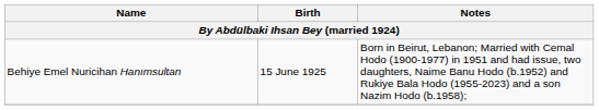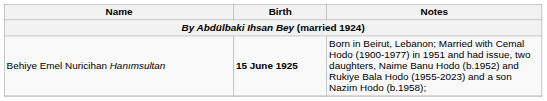 <table class="wikitable">
 <tr>
 <th>Name</th>
 <th>Birth</th>
 <th style="width:40%;">Notes</th>
 </tr>
 <tr>
 <th colspan="4"><strong><em>By Abdülbaki Ihsan Bey</em></strong> (married 1924)</th>
 </tr>
 <tr>
 <td>Behiye Emel Nuricihan <em>Hanımsultan</em></td>
-<td>15 June 1925</td>
+<td><strong>15 June 1925</strong></td>
 <td>Born in Beirut, Lebanon; Married with Cemal Hodo (1900-1977) in 1951 and had issue, two daughters, Naime Banu Hodo (b.1952) and Rukiye Bala Hodo (1955-2023)  and a son Nazim Hodo (b.1958);</td>
 </tr>
 <tr>
 </tr>
 </table>
